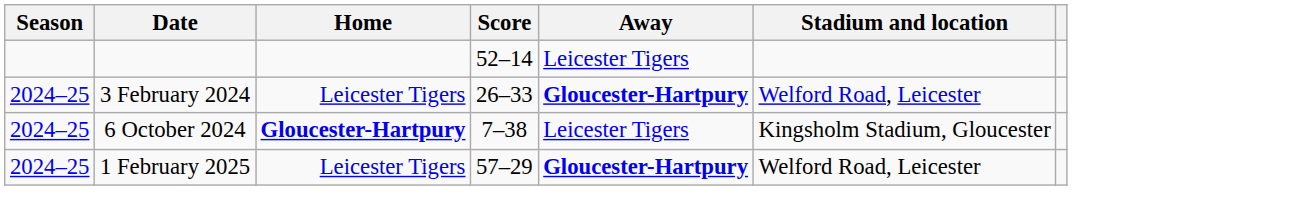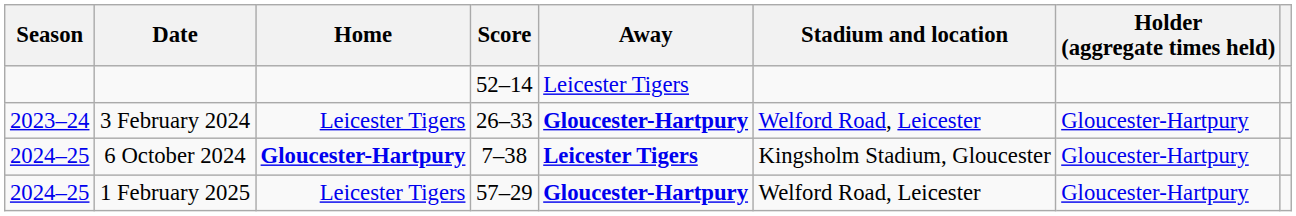 <table class="wikitable">
 <tr>
 <th>Season</th>
 <th>Date</th>
 <th>Home</th>
 <th>Score</th>
 <th>Away</th>
 <th>Stadium and location</th>
+<th>Holder<br>(aggregate times held)</th>
 <th></th>
 </tr>
 <tr>
 <td style="text-align:center;"></td>
 <td style="text-align:center;"></td>
 <td style="text-align:right;"></td>
 <td style="text-align:center;">52–14</td>
 <td style="text-align:left;"><a href='#'>Leicester Tigers</a></td>
 <td style="text-align:left;"></td>
+<td></td>
 <td style="text-align:center;"></td>
 </tr>
 <tr>
-<td style="text-align:center;"><a href='#'>2024–25</a></td>
+<td style="text-align:center;"><a href='#'>2023–24</a></td>
 <td style="text-align:center;">3 February 2024</td>
 <td style="text-align:right;"><a href='#'>Leicester Tigers</a></td>
 <td style="text-align:center;">26–33</td>
 <td style="text-align:left;"><strong><a href='#'>Gloucester-Hartpury</a></strong></td>
 <td><a href='#'>Welford Road</a>, <a href='#'>Leicester</a></td>
+<td><a href='#'>Gloucester-Hartpury</a> </td>
 <td style="text-align:center;"></td>
 </tr>
 <tr>
 <td style="text-align:center;"><a href='#'>2024–25</a></td>
 <td style="text-align:center;">6 October 2024</td>
 <td style="text-align:right;"><strong><a href='#'>Gloucester-Hartpury</a></strong></td>
 <td style="text-align:center;">7–38</td>
-<td style="text-align:left;"><a href='#'>Leicester Tigers</a></td>
+<td style="text-align:left;"><strong><a href='#'>Leicester Tigers</a></strong></td>
 <td>Kingsholm Stadium, Gloucester</td>
+<td><a href='#'>Gloucester-Hartpury</a> </td>
 <td style="text-align:center;"></td>
 </tr>
 <tr>
 <td style="text-align:center;"><a href='#'>2024–25</a></td>
 <td style="text-align:center;">1 February 2025</td>
 <td style="text-align:right;"><a href='#'>Leicester Tigers</a></td>
 <td style="text-align:center;">57–29</td>
 <td style="text-align:left;"><strong><a href='#'>Gloucester-Hartpury</a></strong></td>
 <td>Welford Road, Leicester</td>
+<td><a href='#'>Gloucester-Hartpury</a> </td>
 <td style="text-align:center;"></td>
 </tr>
 </table>
